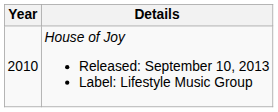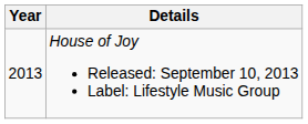 <table class="wikitable">
 <tr>
 <th>Year</th>
 <th>Details</th>
 </tr>
 <tr>
-<td>2010</td>
+<td>2013</td>
 <td><em>House of Joy</em><br><ul><li>Released: September 10, 2013</li><li>Label: Lifestyle Music Group</li></ul></td>
 </tr>
 </table>
